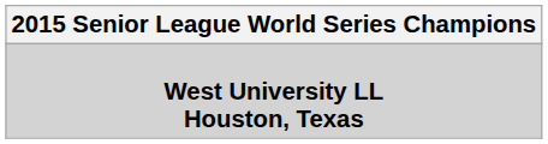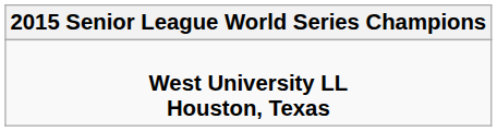 <table class="wikitable" style="text-align: center; margin: 0 auto;">
 <tr>
 <th>2015 Senior League World Series Champions</th>
 </tr>
 <tr>
 </tr>
 <tr>
-<td style="background: lightgrey;"><br><strong>West University LL</strong><br> <strong>Houston, Texas</strong></td>
+<td><br><strong>West University LL</strong><br> <strong>Houston, Texas</strong></td>
 </tr>
 </table>
